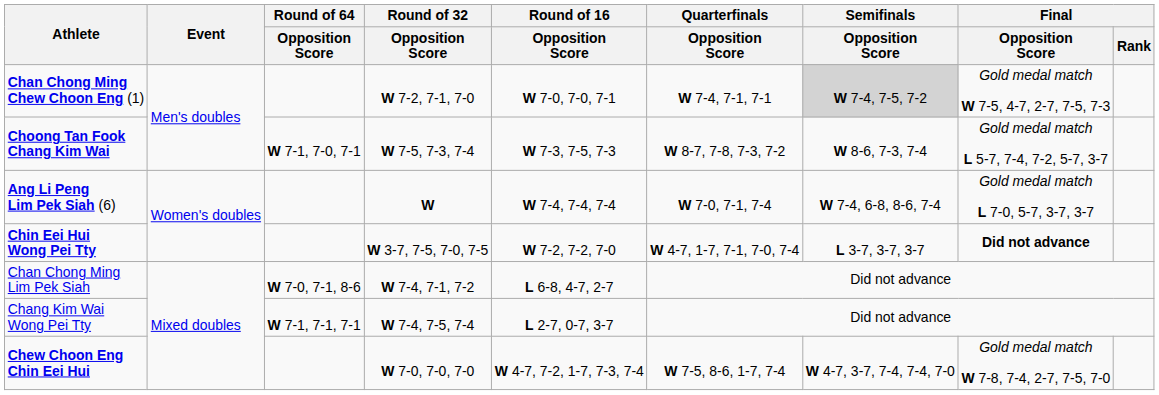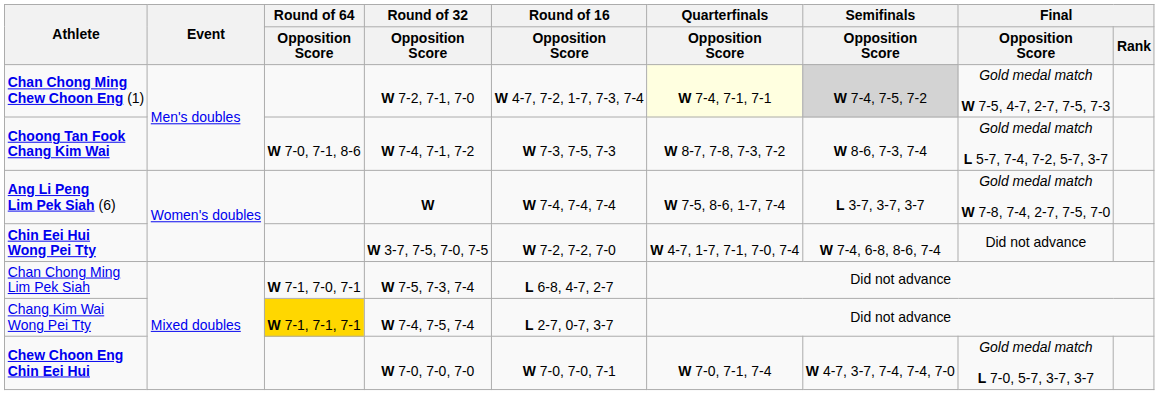 <table class=wikitable style="font-size:90%">
 <tr>
 <th rowspan=2>Athlete</th>
 <th rowspan=2>Event</th>
 <th>Round of 64</th>
 <th>Round of 32</th>
 <th>Round of 16</th>
 <th>Quarterfinals</th>
 <th>Semifinals</th>
 <th colspan=2>Final</th>
 </tr>
 <tr>
 <th>Opposition<br>Score</th>
 <th>Opposition<br>Score</th>
 <th>Opposition<br>Score</th>
 <th>Opposition<br>Score</th>
 <th>Opposition<br>Score</th>
 <th>Opposition<br>Score</th>
 <th>Rank</th>
 </tr>
 <tr align=center>
 <td align=left><strong><a href='#'>Chan Chong Ming</a><br><a href='#'>Chew Choon Eng</a></strong> (1)</td>
 <td align=left rowspan=2><a href='#'>Men's doubles</a></td>
 <td></td>
 <td><br><strong>W</strong> 7-2, 7-1, 7-0</td>
-<td><br><strong>W</strong> 7-0, 7-0, 7-1</td>
-<td><br><strong>W</strong> 7-4, 7-1, 7-1</td>
+<td><br><strong>W</strong> 4-7, 7-2, 1-7, 7-3, 7-4</td>
+<td style="background: lightyellow;"><br><strong>W</strong> 7-4, 7-1, 7-1</td>
 <td style="background: lightgrey;"><br><strong>W</strong> 7-4, 7-5, 7-2</td>
 <td><em>Gold medal match</em><br><br><strong>W</strong> 7-5, 4-7, 2-7, 7-5, 7-3</td>
 <td></td>
 </tr>
 <tr align=center>
 <td align=left><strong><a href='#'>Choong Tan Fook</a><br><a href='#'>Chang Kim Wai</a></strong></td>
-<td><br><strong>W</strong> 7-1, 7-0, 7-1</td>
-<td><br><strong>W</strong> 7-5, 7-3, 7-4</td>
+<td><br><strong>W</strong> 7-0, 7-1, 8-6</td>
+<td><br><strong>W</strong> 7-4, 7-1, 7-2</td>
 <td><br><strong>W</strong> 7-3, 7-5, 7-3</td>
 <td><br><strong>W</strong> 8-7, 7-8, 7-3, 7-2</td>
 <td><br><strong>W</strong> 8-6, 7-3, 7-4</td>
 <td><em>Gold medal match</em><br><br><strong>L</strong> 5-7, 7-4, 7-2, 5-7, 3-7</td>
 <td></td>
 </tr>
 <tr align=center>
 <td align=left><strong><a href='#'>Ang Li Peng</a><br><a href='#'>Lim Pek Siah</a></strong> (6)</td>
 <td align=left rowspan=2><a href='#'>Women's doubles</a></td>
 <td></td>
 <td><br><strong>W</strong> </td>
 <td><br><strong>W</strong> 7-4, 7-4, 7-4</td>
-<td><br><strong>W</strong> 7-0, 7-1, 7-4</td>
-<td><br><strong>W</strong> 7-4, 6-8, 8-6, 7-4</td>
-<td><em>Gold medal match</em><br><br><strong>L</strong> 7-0, 5-7, 3-7, 3-7</td>
+<td><br><strong>W</strong> 7-5, 8-6, 1-7, 7-4</td>
+<td><br><strong>L</strong> 3-7, 3-7, 3-7</td>
+<td><em>Gold medal match</em><br><br><strong>W</strong> 7-8, 7-4, 2-7, 7-5, 7-0</td>
 <td></td>
 </tr>
 <tr align=center>
 <td align=left><strong><a href='#'>Chin Eei Hui</a><br><a href='#'>Wong Pei Tty</a></strong></td>
 <td></td>
 <td><br><strong>W</strong> 3-7, 7-5, 7-0, 7-5</td>
 <td><br><strong>W</strong> 7-2, 7-2, 7-0</td>
 <td><br><strong>W</strong> 4-7, 1-7, 7-1, 7-0, 7-4</td>
-<td><br><strong>L</strong> 3-7, 3-7, 3-7</td>
-<td><strong>Did not advance</strong></td>
+<td><br><strong>W</strong> 7-4, 6-8, 8-6, 7-4</td>
+<td>Did not advance</td>
 <td></td>
 </tr>
 <tr align=center>
 <td align=left><a href='#'>Chan Chong Ming</a><br><a href='#'>Lim Pek Siah</a></td>
 <td align=left rowspan=3><a href='#'>Mixed doubles</a></td>
-<td><br><strong>W</strong> 7-0, 7-1, 8-6</td>
-<td><br><strong>W</strong> 7-4, 7-1, 7-2</td>
+<td><br><strong>W</strong> 7-1, 7-0, 7-1</td>
+<td><br><strong>W</strong> 7-5, 7-3, 7-4</td>
 <td><br><strong>L</strong> 6-8, 4-7, 2-7</td>
 <td colspan=4>Did not advance</td>
 </tr>
 <tr align=center>
 <td align=left><a href='#'>Chang Kim Wai</a><br><a href='#'>Wong Pei Tty</a></td>
-<td><br><strong>W</strong> 7-1, 7-1, 7-1</td>
+<td style="background: gold;"><br><strong>W</strong> 7-1, 7-1, 7-1</td>
 <td><br><strong>W</strong> 7-4, 7-5, 7-4</td>
 <td><br><strong>L</strong> 2-7, 0-7, 3-7</td>
 <td colspan=4>Did not advance</td>
 </tr>
 <tr align=center>
 <td align=left><strong><a href='#'>Chew Choon Eng</a><br><a href='#'>Chin Eei Hui</a></strong></td>
 <td></td>
 <td><br><strong>W</strong> 7-0, 7-0, 7-0</td>
-<td><br><strong>W</strong> 4-7, 7-2, 1-7, 7-3, 7-4</td>
-<td><br><strong>W</strong> 7-5, 8-6, 1-7, 7-4</td>
+<td><br><strong>W</strong> 7-0, 7-0, 7-1</td>
+<td><br><strong>W</strong> 7-0, 7-1, 7-4</td>
 <td><br><strong>W</strong> 4-7, 3-7, 7-4, 7-4, 7-0</td>
-<td><em>Gold medal match</em><br><br><strong>W</strong> 7-8, 7-4, 2-7, 7-5, 7-0</td>
+<td><em>Gold medal match</em><br><br><strong>L</strong> 7-0, 5-7, 3-7, 3-7</td>
 <td></td>
 </tr>
 </table>
